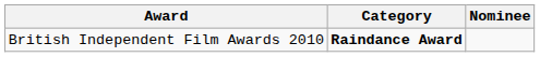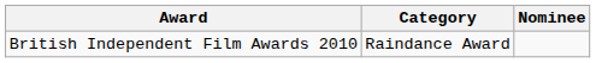 <table class="wikitable sortable">
 <tr>
 <th>Award</th>
 <th>Category</th>
 <th>Nominee</th>
 </tr>
 <tr>
 <td rowspan="2">British Independent Film Awards 2010</td>
-<td><strong>Raindance Award</strong></td>
+<td>Raindance Award</td>
 <td></td>
 </tr>
 </table>
